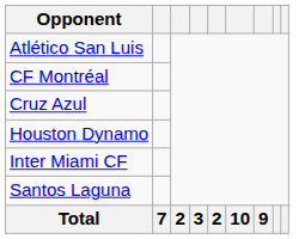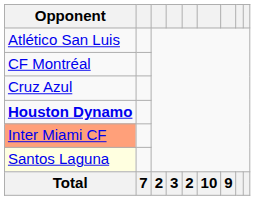 <table class="wikitable plainrowheaders sortable" style="text-align:center">
 <tr>
 <th scope="col">Opponent</th>
 <th scope="col"></th>
 <th scope="col"></th>
 <th scope="col"></th>
 <th scope="col"></th>
 <th scope="col"></th>
 <th scope="col"></th>
 <th scope="col"></th>
 <th scope="col"></th>
 </tr>
 <tr>
 <td style="text-align:left"> <a href='#'>Atlético San Luis</a><br></td>
 <td></td>
 </tr>
 <tr>
 <td style="text-align:left"> <a href='#'>CF Montréal</a><br></td>
 <td></td>
 </tr>
 <tr>
 <td style="text-align:left"> <a href='#'>Cruz Azul</a><br></td>
 <td></td>
 </tr>
 <tr>
-<td style="text-align:left"> <a href='#'>Houston Dynamo</a><br></td>
+<td style="text-align:left"><strong> <a href='#'>Houston Dynamo</a><br></strong></td>
 <td></td>
 </tr>
 <tr>
-<td style="text-align:left"> <a href='#'>Inter Miami CF</a><br></td>
+<td style="background: lightsalmon; text-align:left"> <a href='#'>Inter Miami CF</a><br></td>
 <td></td>
 </tr>
 <tr>
-<td style="text-align:left"> <a href='#'>Santos Laguna</a><br></td>
+<td style="background: lightyellow; text-align:left"> <a href='#'>Santos Laguna</a><br></td>
 <td></td>
 </tr>
 <tr>
 <th>Total</th>
 <th>7</th>
 <th>2</th>
 <th>3</th>
 <th>2</th>
 <th>10</th>
 <th>9</th>
 <th><br></th>
 <th></th>
 </tr>
 </table>
